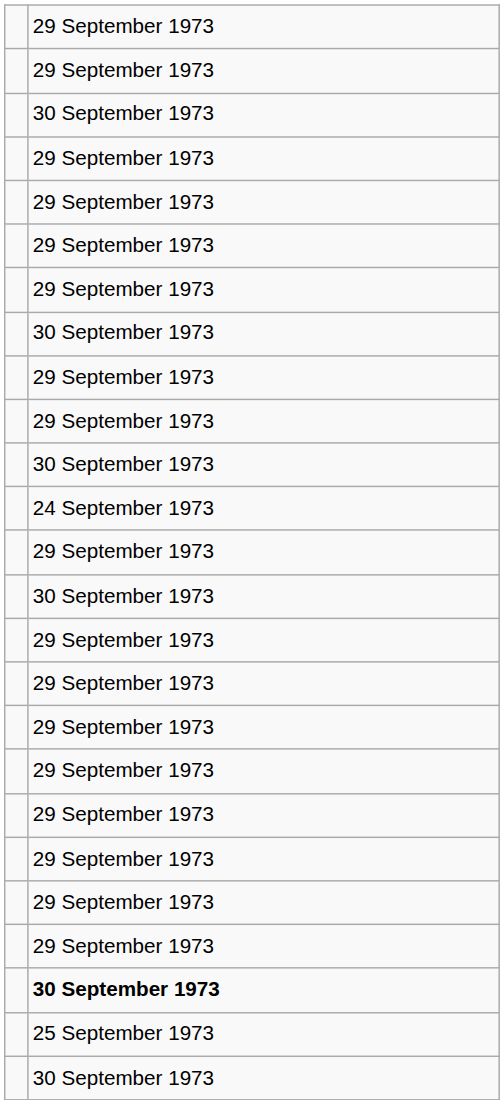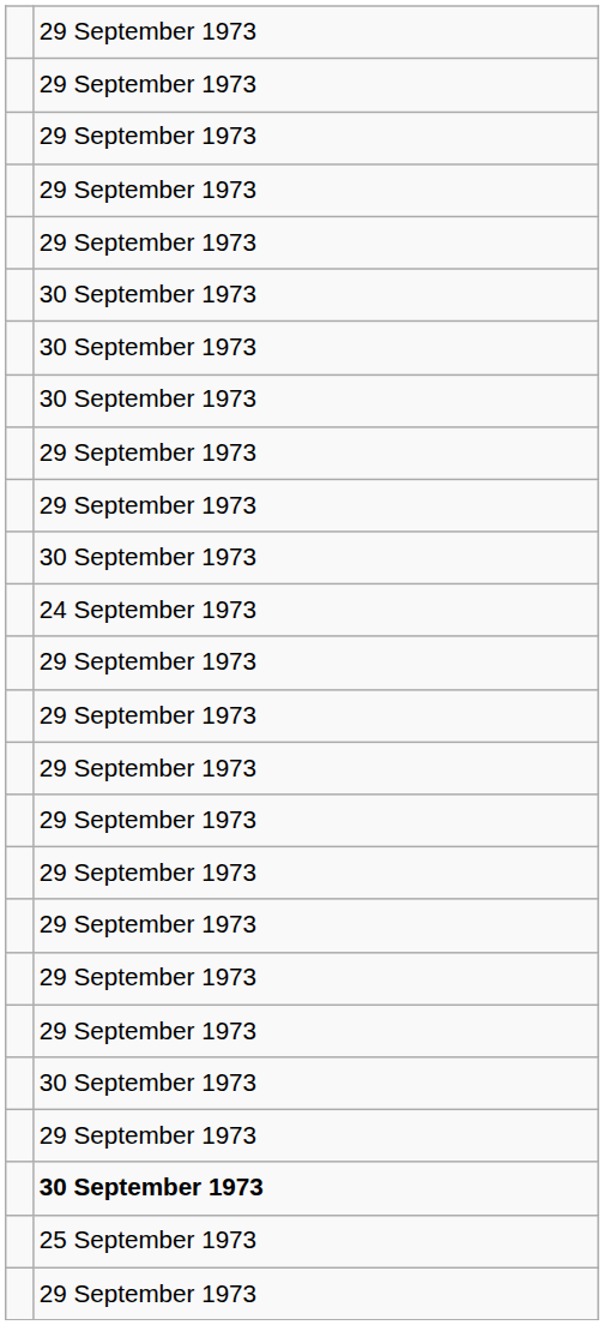 <table class="wikitable" style="font-size: 89%; float: left; width: 24em; margin-right: 1em; line-height: 1.65em">
 <tr>
 <td></td>
 <td>29 September 1973</td>
-</tr>
-<tr>
-<td></td>
-<td>29 September 1973</td>
-</tr>
-<tr>
-<td></td>
-<td>30 September 1973</td>
 </tr>
 <tr>
 <td></td>
 <td>29 September 1973</td>
 </tr>
 <tr>
 <td></td>
 <td>29 September 1973</td>
 </tr>
 <tr>
 <td></td>
 <td>29 September 1973</td>
 </tr>
 <tr>
 <td></td>
 <td>29 September 1973</td>
 </tr>
 <tr>
 <td></td>
 <td>30 September 1973</td>
 </tr>
 <tr>
 <td></td>
+<td>30 September 1973</td>
+</tr>
+<tr>
+<td></td>
+<td>30 September 1973</td>
+</tr>
+<tr>
+<td></td>
 <td>29 September 1973</td>
 </tr>
 <tr>
 <td></td>
 <td>29 September 1973</td>
 </tr>
 <tr>
 <td></td>
 <td>30 September 1973</td>
 </tr>
 <tr>
 <td></td>
 <td>24 September 1973</td>
-</tr>
-<tr>
-<td></td>
-<td>29 September 1973</td>
-</tr>
-<tr>
-<td></td>
-<td>30 September 1973</td>
 </tr>
 <tr>
 <td></td>
 <td>29 September 1973</td>
 </tr>
 <tr>
 <td></td>
 <td>29 September 1973</td>
 </tr>
 <tr>
 <td></td>
 <td>29 September 1973</td>
 </tr>
 <tr>
 <td></td>
 <td>29 September 1973</td>
 </tr>
 <tr>
 <td></td>
 <td>29 September 1973</td>
 </tr>
 <tr>
 <td></td>
 <td>29 September 1973</td>
 </tr>
 <tr>
 <td></td>
 <td>29 September 1973</td>
 </tr>
 <tr>
 <td></td>
 <td>29 September 1973</td>
 </tr>
 <tr>
 <td></td>
+<td>30 September 1973</td>
+</tr>
+<tr>
+<td></td>
+<td>29 September 1973</td>
+</tr>
+<tr>
+<td></td>
 <td><strong>30 September 1973</strong></td>
 </tr>
 <tr>
 <td></td>
 <td>25 September 1973</td>
 </tr>
 <tr>
 <td></td>
-<td>30 September 1973</td>
+<td>29 September 1973</td>
 </tr>
 </table>
